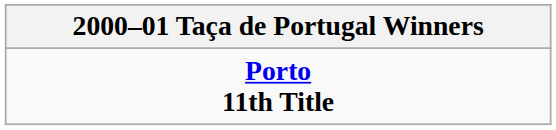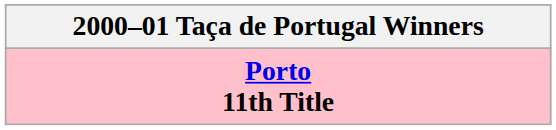 <table class="wikitable" style="text-align: center; margin: 0 auto; width: 20%">
 <tr>
 <th>2000–01 Taça de Portugal Winners</th>
 </tr>
 <tr>
-<td><strong><a href='#'>Porto</a></strong><br><strong>11th Title</strong></td>
+<td style="background: pink;"><strong><a href='#'>Porto</a></strong><br><strong>11th Title</strong></td>
 </tr>
 </table>
